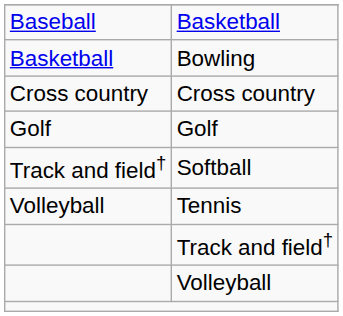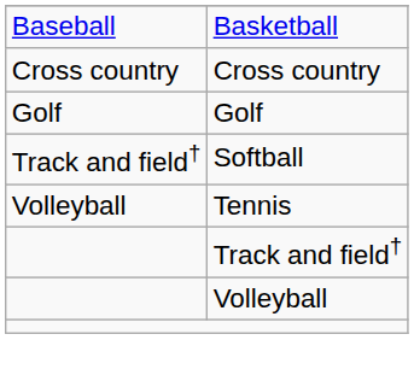 <table class="wikitable" style=" ">
 <tr>
 </tr>
 <tr>
 <td><a href='#'>Baseball</a></td>
 <td><a href='#'>Basketball</a></td>
-</tr>
-<tr>
-<td><a href='#'>Basketball</a></td>
-<td>Bowling</td>
 </tr>
 <tr>
 <td>Cross country</td>
 <td>Cross country</td>
 </tr>
 <tr>
 <td>Golf</td>
 <td>Golf</td>
 </tr>
 <tr>
 <td>Track and field<sup>†</sup></td>
 <td>Softball</td>
 </tr>
 <tr>
 <td>Volleyball</td>
 <td>Tennis</td>
 </tr>
 <tr>
 <td></td>
 <td>Track and field<sup>†</sup></td>
 </tr>
 <tr>
 <td></td>
 <td>Volleyball</td>
 </tr>
 <tr>
 <td colspan="2"></td>
 </tr>
 </table>
